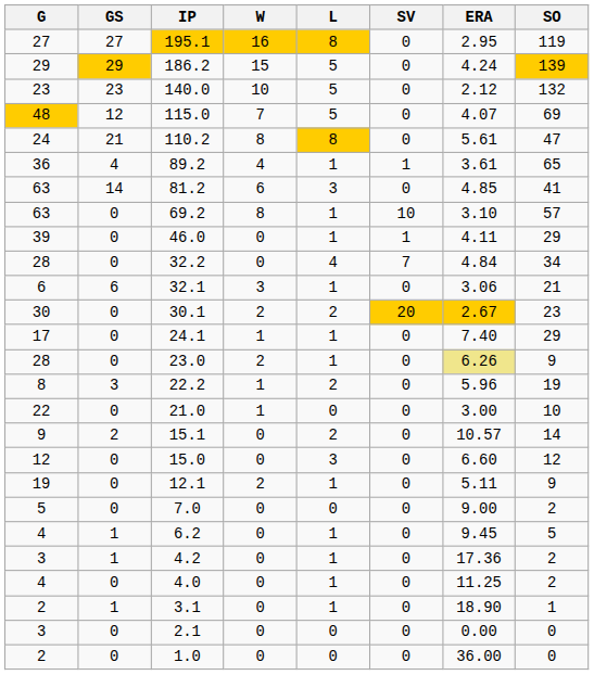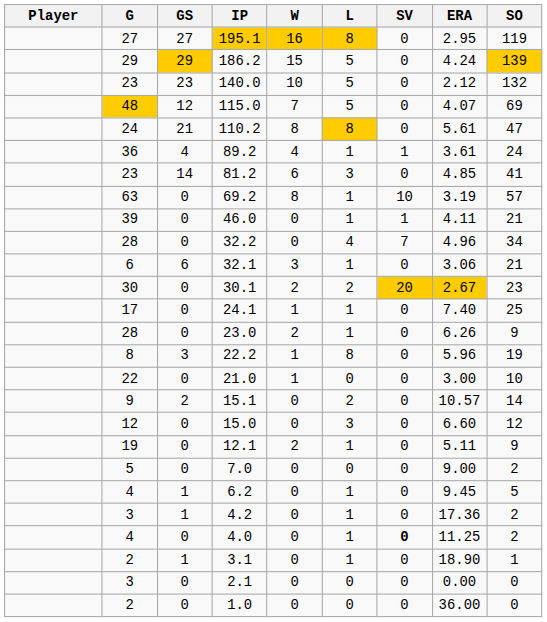 <table class="wikitable sortable">
 <tr>
+<th bgcolor="#DDDDFF" width="16%">Player</th>
 <th bgcolor="#DDDDFF" width="9%">G</th>
 <th bgcolor="#DDDDFF" width="9%">GS</th>
 <th bgcolor="#DDDDFF" width="9%">IP</th>
 <th bgcolor="#DDDDFF" width="9%">W</th>
 <th bgcolor="#DDDDFF" width="9%">L</th>
 <th bgcolor="#DDDDFF" width="9%">SV</th>
 <th bgcolor="#DDDDFF" width="9%">ERA</th>
 <th bgcolor="#DDDDFF" width="9%">SO</th>
 </tr>
 <tr align="center">
+<td></td>
 <td>27</td>
 <td>27</td>
 <td style="background:#fc0;">195.1</td>
 <td style="background:#fc0;">16</td>
 <td style="background:#fc0;">8</td>
 <td>0</td>
 <td>2.95</td>
 <td>119</td>
 </tr>
 <tr align="center">
+<td></td>
 <td>29</td>
 <td style="background:#fc0;">29</td>
 <td>186.2</td>
 <td>15</td>
 <td>5</td>
 <td>0</td>
 <td>4.24</td>
 <td style="background:#fc0;">139</td>
 </tr>
 <tr align="center">
+<td></td>
 <td>23</td>
 <td>23</td>
 <td>140.0</td>
 <td>10</td>
 <td>5</td>
 <td>0</td>
 <td>2.12</td>
 <td>132</td>
 </tr>
 <tr align="center">
+<td></td>
 <td style="background:#fc0;">48</td>
 <td>12</td>
 <td>115.0</td>
 <td>7</td>
 <td>5</td>
 <td>0</td>
 <td>4.07</td>
 <td>69</td>
 </tr>
 <tr align="center">
+<td></td>
 <td>24</td>
 <td>21</td>
 <td>110.2</td>
 <td>8</td>
 <td style="background:#fc0;">8</td>
 <td>0</td>
 <td>5.61</td>
 <td>47</td>
 </tr>
 <tr align="center">
+<td></td>
 <td>36</td>
 <td>4</td>
 <td>89.2</td>
 <td>4</td>
 <td>1</td>
 <td>1</td>
 <td>3.61</td>
-<td>65</td>
+<td>24</td>
 </tr>
 <tr align="center">
-<td>63</td>
+<td></td>
+<td>23</td>
 <td>14</td>
 <td>81.2</td>
 <td>6</td>
 <td>3</td>
 <td>0</td>
 <td>4.85</td>
 <td>41</td>
 </tr>
 <tr align="center">
+<td></td>
 <td>63</td>
 <td>0</td>
 <td>69.2</td>
 <td>8</td>
 <td>1</td>
 <td>10</td>
-<td>3.10</td>
+<td>3.19</td>
 <td>57</td>
 </tr>
 <tr align="center">
+<td></td>
 <td>39</td>
 <td>0</td>
 <td>46.0</td>
 <td>0</td>
 <td>1</td>
 <td>1</td>
 <td>4.11</td>
-<td>29</td>
+<td>21</td>
 </tr>
 <tr align="center">
+<td></td>
 <td>28</td>
 <td>0</td>
 <td>32.2</td>
 <td>0</td>
 <td>4</td>
 <td>7</td>
-<td>4.84</td>
+<td>4.96</td>
 <td>34</td>
 </tr>
 <tr align="center">
+<td></td>
 <td>6</td>
 <td>6</td>
 <td>32.1</td>
 <td>3</td>
 <td>1</td>
 <td>0</td>
 <td>3.06</td>
 <td>21</td>
 </tr>
 <tr align="center">
+<td></td>
 <td>30</td>
 <td>0</td>
 <td>30.1</td>
 <td>2</td>
 <td>2</td>
 <td style="background:#fc0;">20</td>
 <td style="background:#fc0;">2.67</td>
 <td>23</td>
 </tr>
 <tr align="center">
+<td></td>
 <td>17</td>
 <td>0</td>
 <td>24.1</td>
 <td>1</td>
 <td>1</td>
 <td>0</td>
 <td>7.40</td>
-<td>29</td>
+<td>25</td>
 </tr>
 <tr align="center">
+<td></td>
 <td>28</td>
 <td>0</td>
 <td>23.0</td>
 <td>2</td>
 <td>1</td>
 <td>0</td>
-<td style="background: khaki;">6.26</td>
+<td>6.26</td>
 <td>9</td>
 </tr>
 <tr align="center">
+<td></td>
 <td>8</td>
 <td>3</td>
 <td>22.2</td>
 <td>1</td>
-<td>2</td>
+<td>8</td>
 <td>0</td>
 <td>5.96</td>
 <td>19</td>
 </tr>
 <tr align="center">
+<td></td>
 <td>22</td>
 <td>0</td>
 <td>21.0</td>
 <td>1</td>
 <td>0</td>
 <td>0</td>
 <td>3.00</td>
 <td>10</td>
 </tr>
 <tr align="center">
+<td></td>
 <td>9</td>
 <td>2</td>
 <td>15.1</td>
 <td>0</td>
 <td>2</td>
 <td>0</td>
 <td>10.57</td>
 <td>14</td>
 </tr>
 <tr align="center">
+<td></td>
 <td>12</td>
 <td>0</td>
 <td>15.0</td>
 <td>0</td>
 <td>3</td>
 <td>0</td>
 <td>6.60</td>
 <td>12</td>
 </tr>
 <tr align="center">
+<td></td>
 <td>19</td>
 <td>0</td>
 <td>12.1</td>
 <td>2</td>
 <td>1</td>
 <td>0</td>
 <td>5.11</td>
 <td>9</td>
 </tr>
 <tr align="center">
+<td></td>
 <td>5</td>
 <td>0</td>
 <td>7.0</td>
 <td>0</td>
 <td>0</td>
 <td>0</td>
 <td>9.00</td>
 <td>2</td>
 </tr>
 <tr align="center">
+<td></td>
 <td>4</td>
 <td>1</td>
 <td>6.2</td>
 <td>0</td>
 <td>1</td>
 <td>0</td>
 <td>9.45</td>
 <td>5</td>
 </tr>
 <tr align="center">
+<td></td>
 <td>3</td>
 <td>1</td>
 <td>4.2</td>
 <td>0</td>
 <td>1</td>
 <td>0</td>
 <td>17.36</td>
 <td>2</td>
 </tr>
 <tr align="center">
+<td></td>
 <td>4</td>
 <td>0</td>
 <td>4.0</td>
 <td>0</td>
 <td>1</td>
-<td>0</td>
+<td><strong>0</strong></td>
 <td>11.25</td>
 <td>2</td>
 </tr>
 <tr align="center">
+<td></td>
 <td>2</td>
 <td>1</td>
 <td>3.1</td>
 <td>0</td>
 <td>1</td>
 <td>0</td>
 <td>18.90</td>
 <td>1</td>
 </tr>
 <tr align="center">
+<td></td>
 <td>3</td>
 <td>0</td>
 <td>2.1</td>
 <td>0</td>
 <td>0</td>
 <td>0</td>
 <td>0.00</td>
 <td>0</td>
 </tr>
 <tr align="center">
+<td></td>
 <td>2</td>
 <td>0</td>
 <td>1.0</td>
 <td>0</td>
 <td>0</td>
 <td>0</td>
 <td>36.00</td>
 <td>0</td>
 </tr>
 </table>
